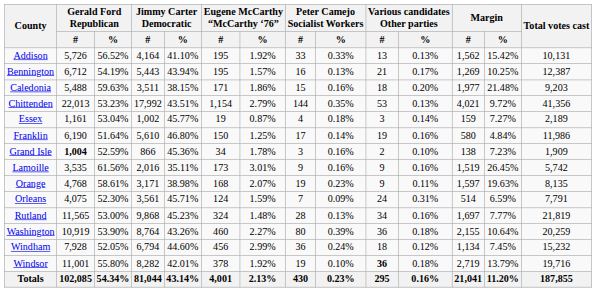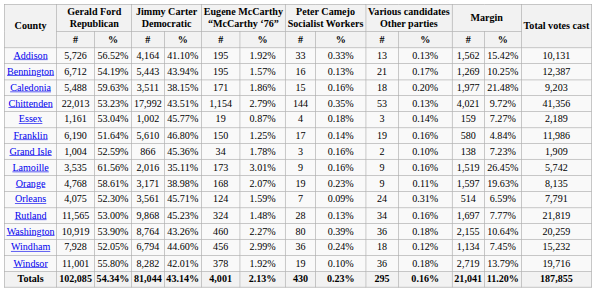 <table class="wikitable sortable">
 <tr>
 <th rowspan="2" style="text-align:center;">County</th>
 <th colspan="2" style="text-align:center;">Gerald Ford<br>Republican</th>
 <th colspan="2" style="text-align:center;">Jimmy Carter<br>Democratic</th>
 <th colspan="2" style="text-align:center;">Eugene McCarthy<br>“McCarthy ‘76”</th>
 <th colspan="2" style="text-align:center;">Peter Camejo<br>Socialist Workers</th>
 <th colspan="2" style="text-align:center;">Various candidates<br>Other parties</th>
 <th colspan="2" style="text-align:center;">Margin</th>
 <th rowspan="2" style="text-align:center;">Total votes cast</th>
 </tr>
 <tr>
 <th data-sort-type="number">#</th>
 <th data-sort-type="number">%</th>
 <th data-sort-type="number">#</th>
 <th data-sort-type="number">%</th>
 <th data-sort-type="number">#</th>
 <th data-sort-type="number">%</th>
 <th data-sort-type="number">#</th>
 <th data-sort-type="number">%</th>
 <th data-sort-type="number">#</th>
 <th data-sort-type="number">%</th>
 <th data-sort-type="number">#</th>
 <th data-sort-type="number">%</th>
 </tr>
 <tr style="text-align:center;">
 <td><a href='#'>Addison</a></td>
 <td>5,726</td>
 <td>56.52%</td>
 <td>4,164</td>
 <td>41.10%</td>
 <td>195</td>
 <td>1.92%</td>
 <td>33</td>
 <td>0.33%</td>
 <td>13</td>
 <td>0.13%</td>
 <td>1,562</td>
 <td>15.42%</td>
 <td>10,131</td>
 </tr>
 <tr style="text-align:center;">
 <td><a href='#'>Bennington</a></td>
 <td>6,712</td>
 <td>54.19%</td>
 <td>5,443</td>
 <td>43.94%</td>
 <td>195</td>
 <td>1.57%</td>
 <td>16</td>
 <td>0.13%</td>
 <td>21</td>
 <td>0.17%</td>
 <td>1,269</td>
 <td>10.25%</td>
 <td>12,387</td>
 </tr>
 <tr style="text-align:center;">
 <td><a href='#'>Caledonia</a></td>
 <td>5,488</td>
 <td>59.63%</td>
 <td>3,511</td>
 <td>38.15%</td>
 <td>171</td>
 <td>1.86%</td>
 <td>15</td>
 <td>0.16%</td>
 <td>18</td>
 <td>0.20%</td>
 <td>1,977</td>
 <td>21.48%</td>
 <td>9,203</td>
 </tr>
 <tr style="text-align:center;">
 <td><a href='#'>Chittenden</a></td>
 <td>22,013</td>
 <td>53.23%</td>
 <td>17,992</td>
 <td>43.51%</td>
 <td>1,154</td>
 <td>2.79%</td>
 <td>144</td>
 <td>0.35%</td>
 <td>53</td>
 <td>0.13%</td>
 <td>4,021</td>
 <td>9.72%</td>
 <td>41,356</td>
 </tr>
 <tr style="text-align:center;">
 <td><a href='#'>Essex</a></td>
 <td>1,161</td>
 <td>53.04%</td>
 <td>1,002</td>
 <td>45.77%</td>
 <td>19</td>
 <td>0.87%</td>
 <td>4</td>
 <td>0.18%</td>
 <td>3</td>
 <td>0.14%</td>
 <td>159</td>
 <td>7.27%</td>
 <td>2,189</td>
 </tr>
 <tr style="text-align:center;">
 <td><a href='#'>Franklin</a></td>
 <td>6,190</td>
 <td>51.64%</td>
 <td>5,610</td>
 <td>46.80%</td>
 <td>150</td>
 <td>1.25%</td>
 <td>17</td>
 <td>0.14%</td>
 <td>19</td>
 <td>0.16%</td>
 <td>580</td>
 <td>4.84%</td>
 <td>11,986</td>
 </tr>
 <tr style="text-align:center;">
 <td><a href='#'>Grand Isle</a></td>
-<td><strong>1,004</strong></td>
+<td>1,004</td>
 <td>52.59%</td>
 <td>866</td>
 <td>45.36%</td>
 <td>34</td>
 <td>1.78%</td>
 <td>3</td>
 <td>0.16%</td>
 <td>2</td>
 <td>0.10%</td>
 <td>138</td>
 <td>7.23%</td>
 <td>1,909</td>
 </tr>
 <tr style="text-align:center;">
 <td><a href='#'>Lamoille</a></td>
 <td>3,535</td>
 <td>61.56%</td>
 <td>2,016</td>
 <td>35.11%</td>
 <td>173</td>
 <td>3.01%</td>
 <td>9</td>
 <td>0.16%</td>
 <td>9</td>
 <td>0.16%</td>
 <td>1,519</td>
 <td>26.45%</td>
 <td>5,742</td>
 </tr>
 <tr style="text-align:center;">
 <td><a href='#'>Orange</a></td>
 <td>4,768</td>
 <td>58.61%</td>
 <td>3,171</td>
 <td>38.98%</td>
 <td>168</td>
 <td>2.07%</td>
 <td>19</td>
 <td>0.23%</td>
 <td>9</td>
 <td>0.11%</td>
 <td>1,597</td>
 <td>19.63%</td>
 <td>8,135</td>
 </tr>
 <tr style="text-align:center;">
 <td><a href='#'>Orleans</a></td>
 <td>4,075</td>
 <td>52.30%</td>
 <td>3,561</td>
 <td>45.71%</td>
 <td>124</td>
 <td>1.59%</td>
 <td>7</td>
 <td>0.09%</td>
 <td>24</td>
 <td>0.31%</td>
 <td>514</td>
 <td>6.59%</td>
 <td>7,791</td>
 </tr>
 <tr style="text-align:center;">
 <td><a href='#'>Rutland</a></td>
 <td>11,565</td>
 <td>53.00%</td>
 <td>9,868</td>
 <td>45.23%</td>
 <td>324</td>
 <td>1.48%</td>
 <td>28</td>
 <td>0.13%</td>
 <td>34</td>
 <td>0.16%</td>
 <td>1,697</td>
 <td>7.77%</td>
 <td>21,819</td>
 </tr>
 <tr style="text-align:center;">
 <td><a href='#'>Washington</a></td>
 <td>10,919</td>
 <td>53.90%</td>
 <td>8,764</td>
 <td>43.26%</td>
 <td>460</td>
 <td>2.27%</td>
 <td>80</td>
 <td>0.39%</td>
 <td>36</td>
 <td>0.18%</td>
 <td>2,155</td>
 <td>10.64%</td>
 <td>20,259</td>
 </tr>
 <tr style="text-align:center;">
 <td><a href='#'>Windham</a></td>
 <td>7,928</td>
 <td>52.05%</td>
 <td>6,794</td>
 <td>44.60%</td>
 <td>456</td>
 <td>2.99%</td>
 <td>36</td>
 <td>0.24%</td>
 <td>18</td>
 <td>0.12%</td>
 <td>1,134</td>
 <td>7.45%</td>
 <td>15,232</td>
 </tr>
 <tr style="text-align:center;">
 <td><a href='#'>Windsor</a></td>
 <td>11,001</td>
 <td>55.80%</td>
 <td>8,282</td>
 <td>42.01%</td>
 <td>378</td>
 <td>1.92%</td>
 <td>19</td>
 <td>0.10%</td>
-<td><strong>36</strong></td>
+<td>36</td>
 <td>0.18%</td>
 <td>2,719</td>
 <td>13.79%</td>
 <td>19,716</td>
 </tr>
 <tr style="text-align:center;">
 <th>Totals</th>
 <th>102,085</th>
 <th>54.34%</th>
 <th>81,044</th>
 <th>43.14%</th>
 <th>4,001</th>
 <th>2.13%</th>
 <th>430</th>
 <th>0.23%</th>
 <th>295</th>
 <th>0.16%</th>
 <th>21,041</th>
 <th>11.20%</th>
 <th>187,855</th>
 </tr>
 </table>
